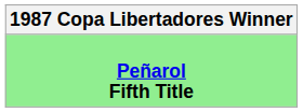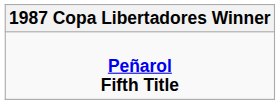 <table class="wikitable" style="text-align: center; margin: 0 auto;">
 <tr>
 <th>1987 Copa Libertadores Winner</th>
 </tr>
 <tr>
-<td style="background: lightgreen;"><br><strong><a href='#'>Peñarol</a></strong><br><strong>Fifth Title</strong></td>
+<td><br><strong><a href='#'>Peñarol</a></strong><br><strong>Fifth Title</strong></td>
 </tr>
 </table>
